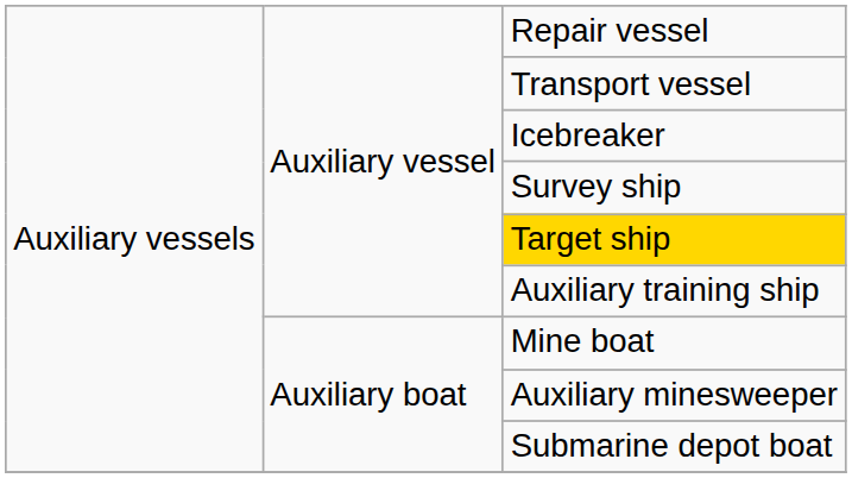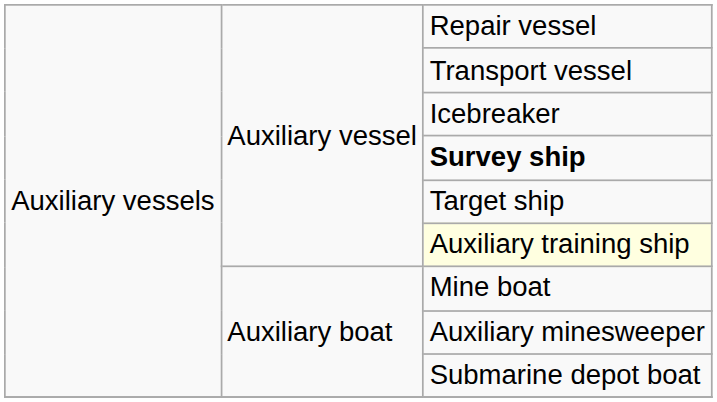 <table class="wikitable">
 <tr>
 <td rowspan="9">Auxiliary vessels</td>
 <td rowspan="6">Auxiliary vessel</td>
 <td>Repair vessel</td>
 </tr>
 <tr>
 <td>Transport vessel</td>
 </tr>
 <tr>
 <td>Icebreaker</td>
 </tr>
 <tr>
-<td>Survey ship</td>
+<td><strong>Survey ship</strong></td>
 </tr>
 <tr>
-<td style="background: gold;">Target ship</td>
+<td>Target ship</td>
 </tr>
 <tr>
-<td>Auxiliary training ship</td>
+<td style="background: lightyellow;">Auxiliary training ship</td>
 </tr>
 <tr>
 <td rowspan="3">Auxiliary boat</td>
 <td>Mine boat</td>
 </tr>
 <tr>
 <td>Auxiliary minesweeper</td>
 </tr>
 <tr>
 <td>Submarine depot boat</td>
 </tr>
 <tr>
 </tr>
 </table>
